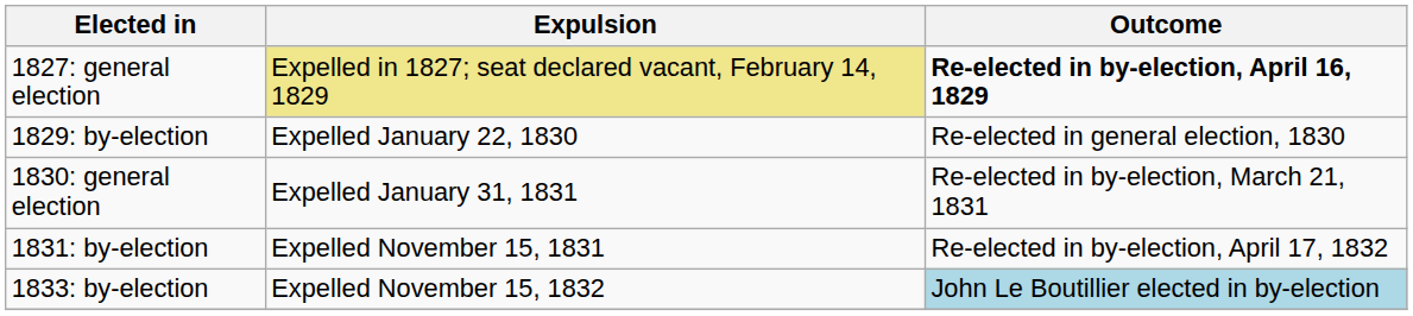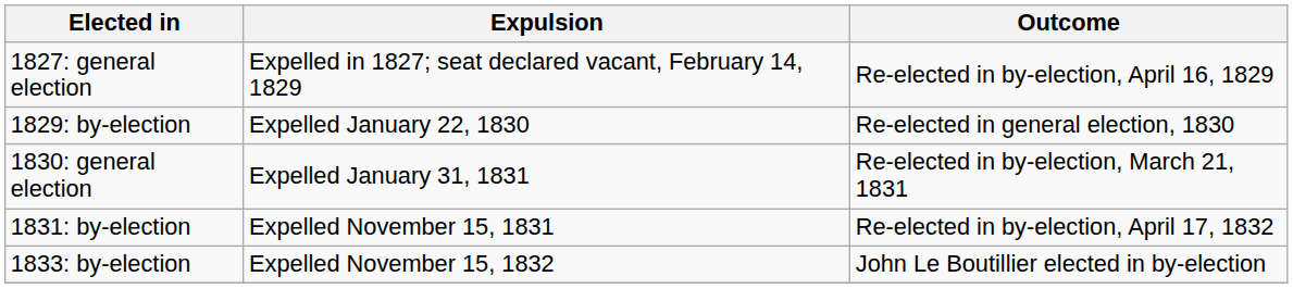 <table class="wikitable">
 <tr>
 <th>Elected in</th>
 <th>Expulsion</th>
 <th>Outcome</th>
 </tr>
 <tr>
 <td>1827: general election</td>
-<td style="background: khaki;">Expelled in 1827;  seat declared vacant, February 14, 1829</td>
-<td><strong>Re-elected in by-election, April 16, 1829</strong></td>
+<td>Expelled in 1827;  seat declared vacant, February 14, 1829</td>
+<td>Re-elected in by-election, April 16, 1829</td>
 </tr>
 <tr>
 <td>1829:  by-election</td>
 <td>Expelled January 22, 1830</td>
 <td>Re-elected in general election, 1830</td>
 </tr>
 <tr>
 <td>1830: general election</td>
 <td>Expelled January 31, 1831</td>
 <td>Re-elected in by-election, March 21, 1831</td>
 </tr>
 <tr>
 <td>1831:  by-election</td>
 <td>Expelled November 15, 1831</td>
 <td>Re-elected in by-election, April 17, 1832</td>
 </tr>
 <tr>
 <td>1833: by-election</td>
 <td>Expelled November 15, 1832</td>
-<td style="background: lightblue;">John Le Boutillier elected in by-election</td>
+<td>John Le Boutillier elected in by-election</td>
 </tr>
 <tr>
 </tr>
 </table>
